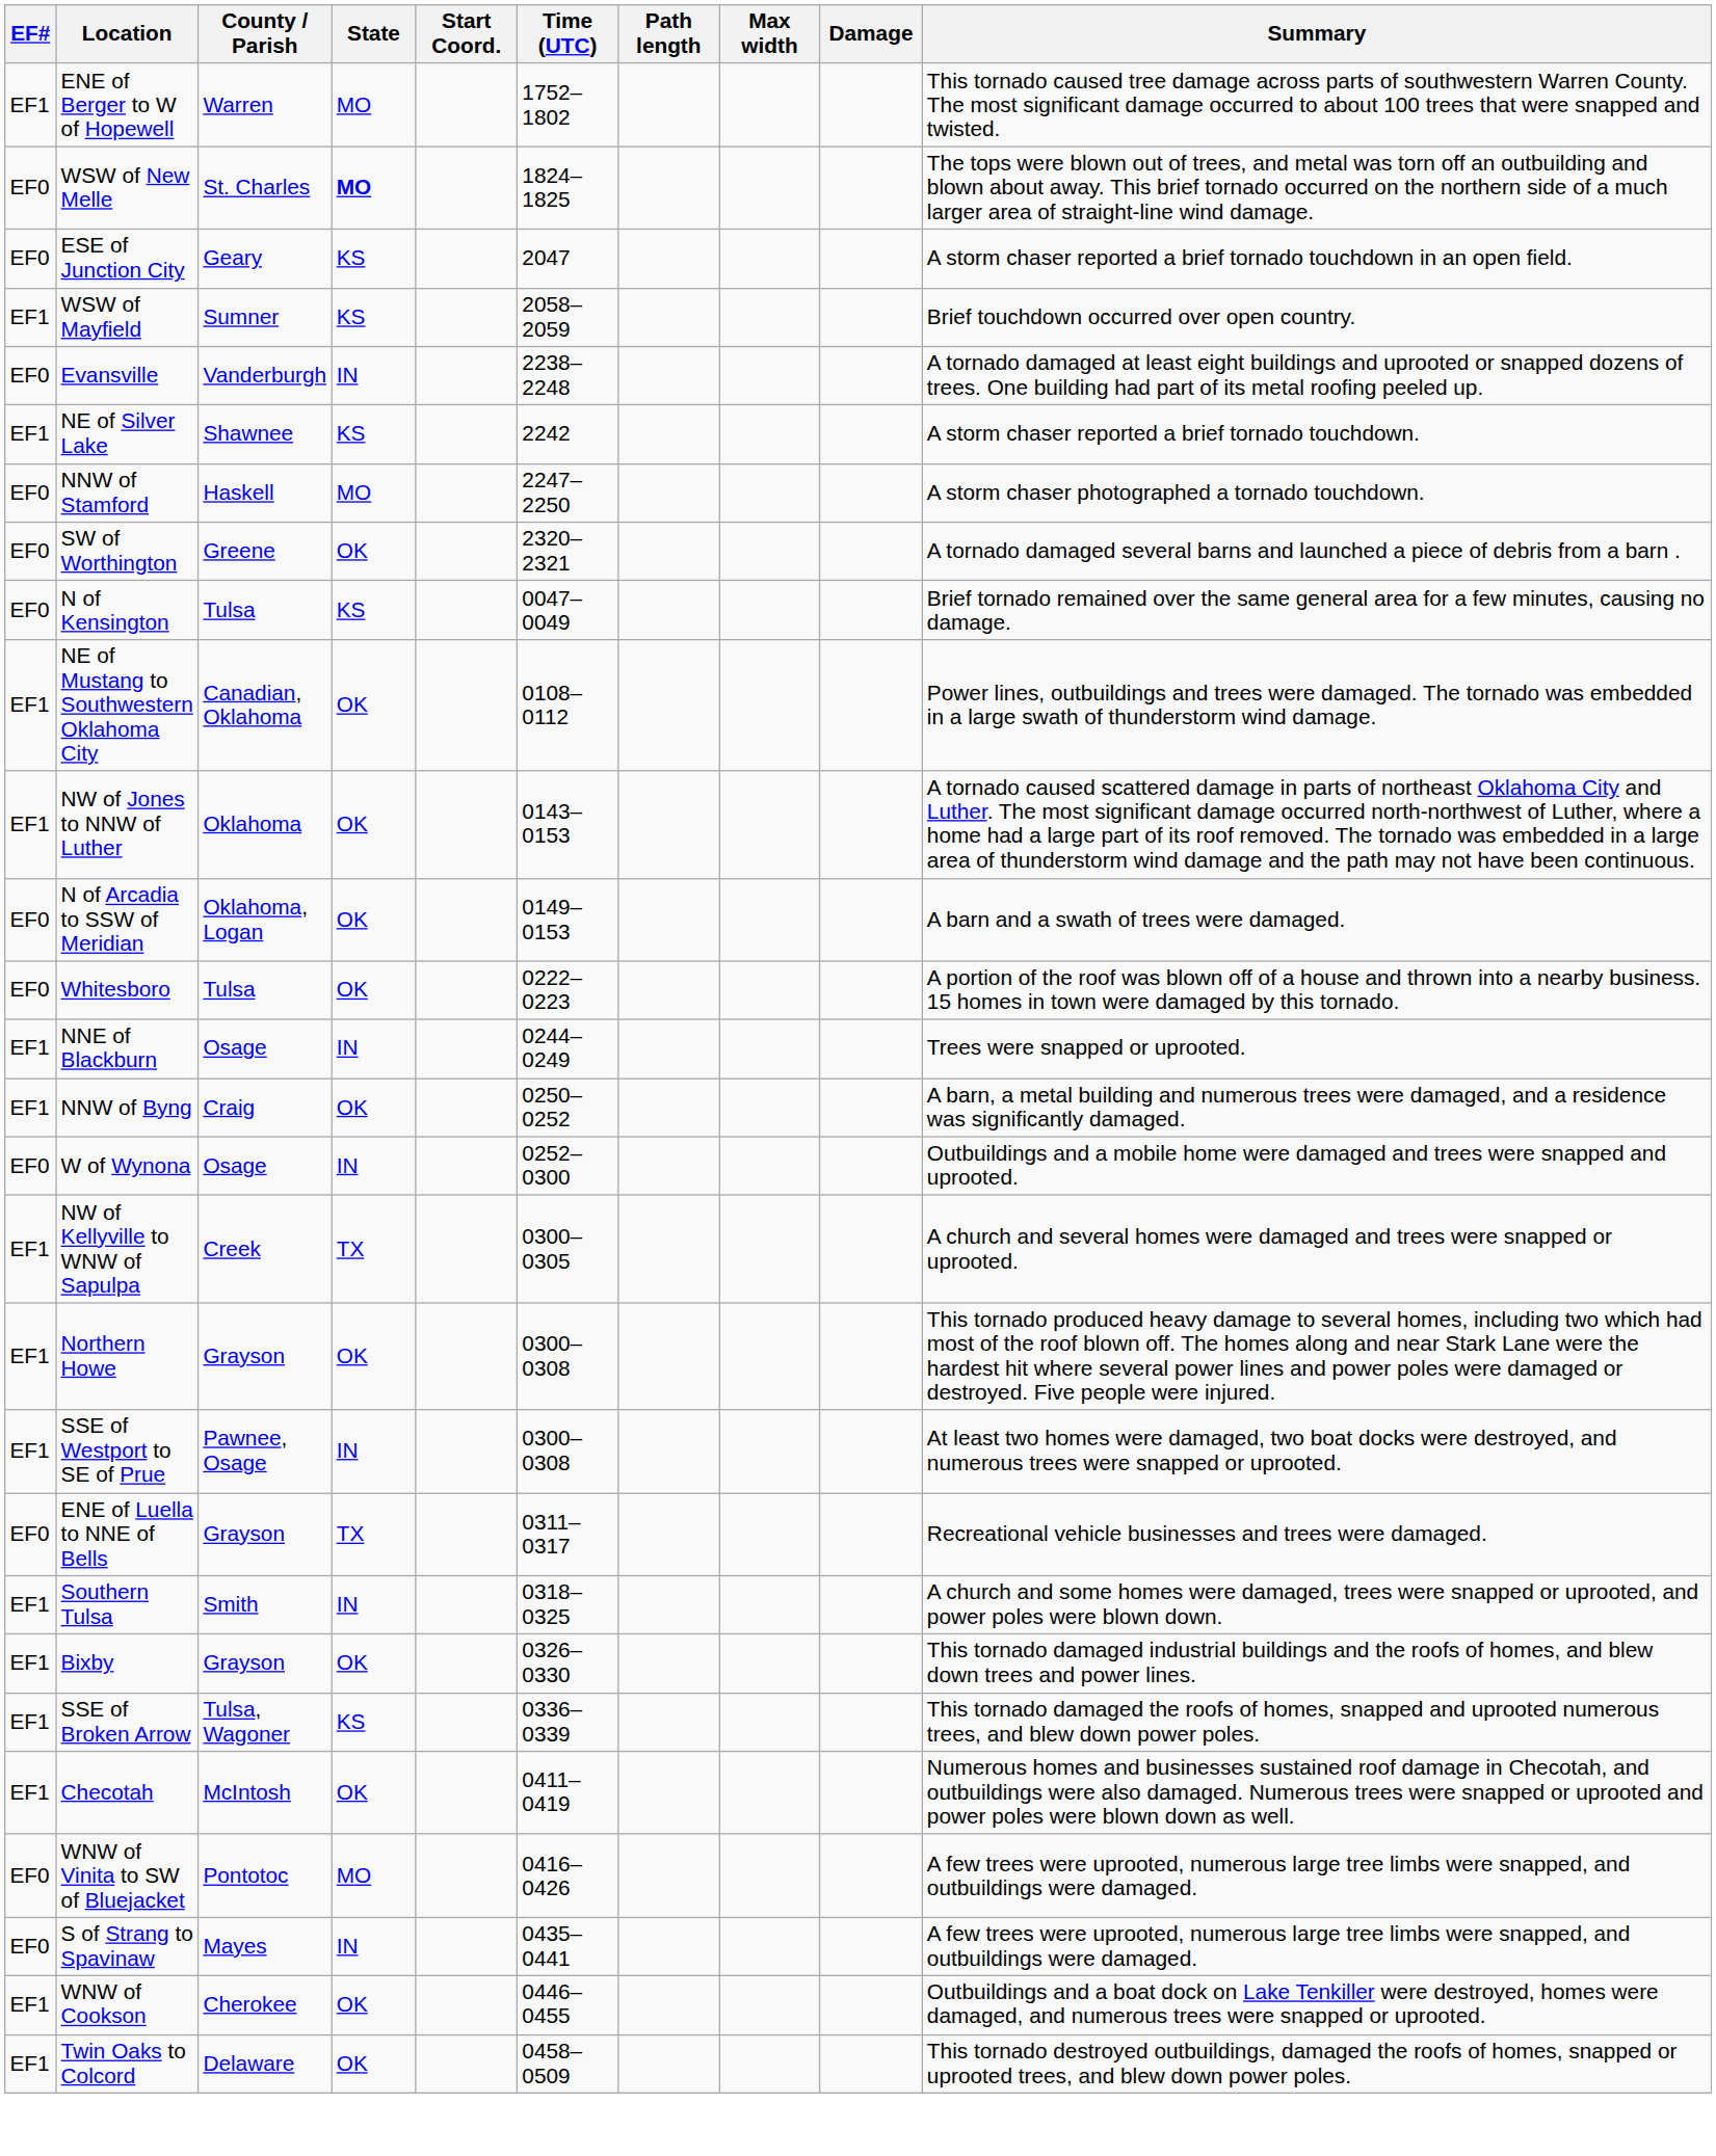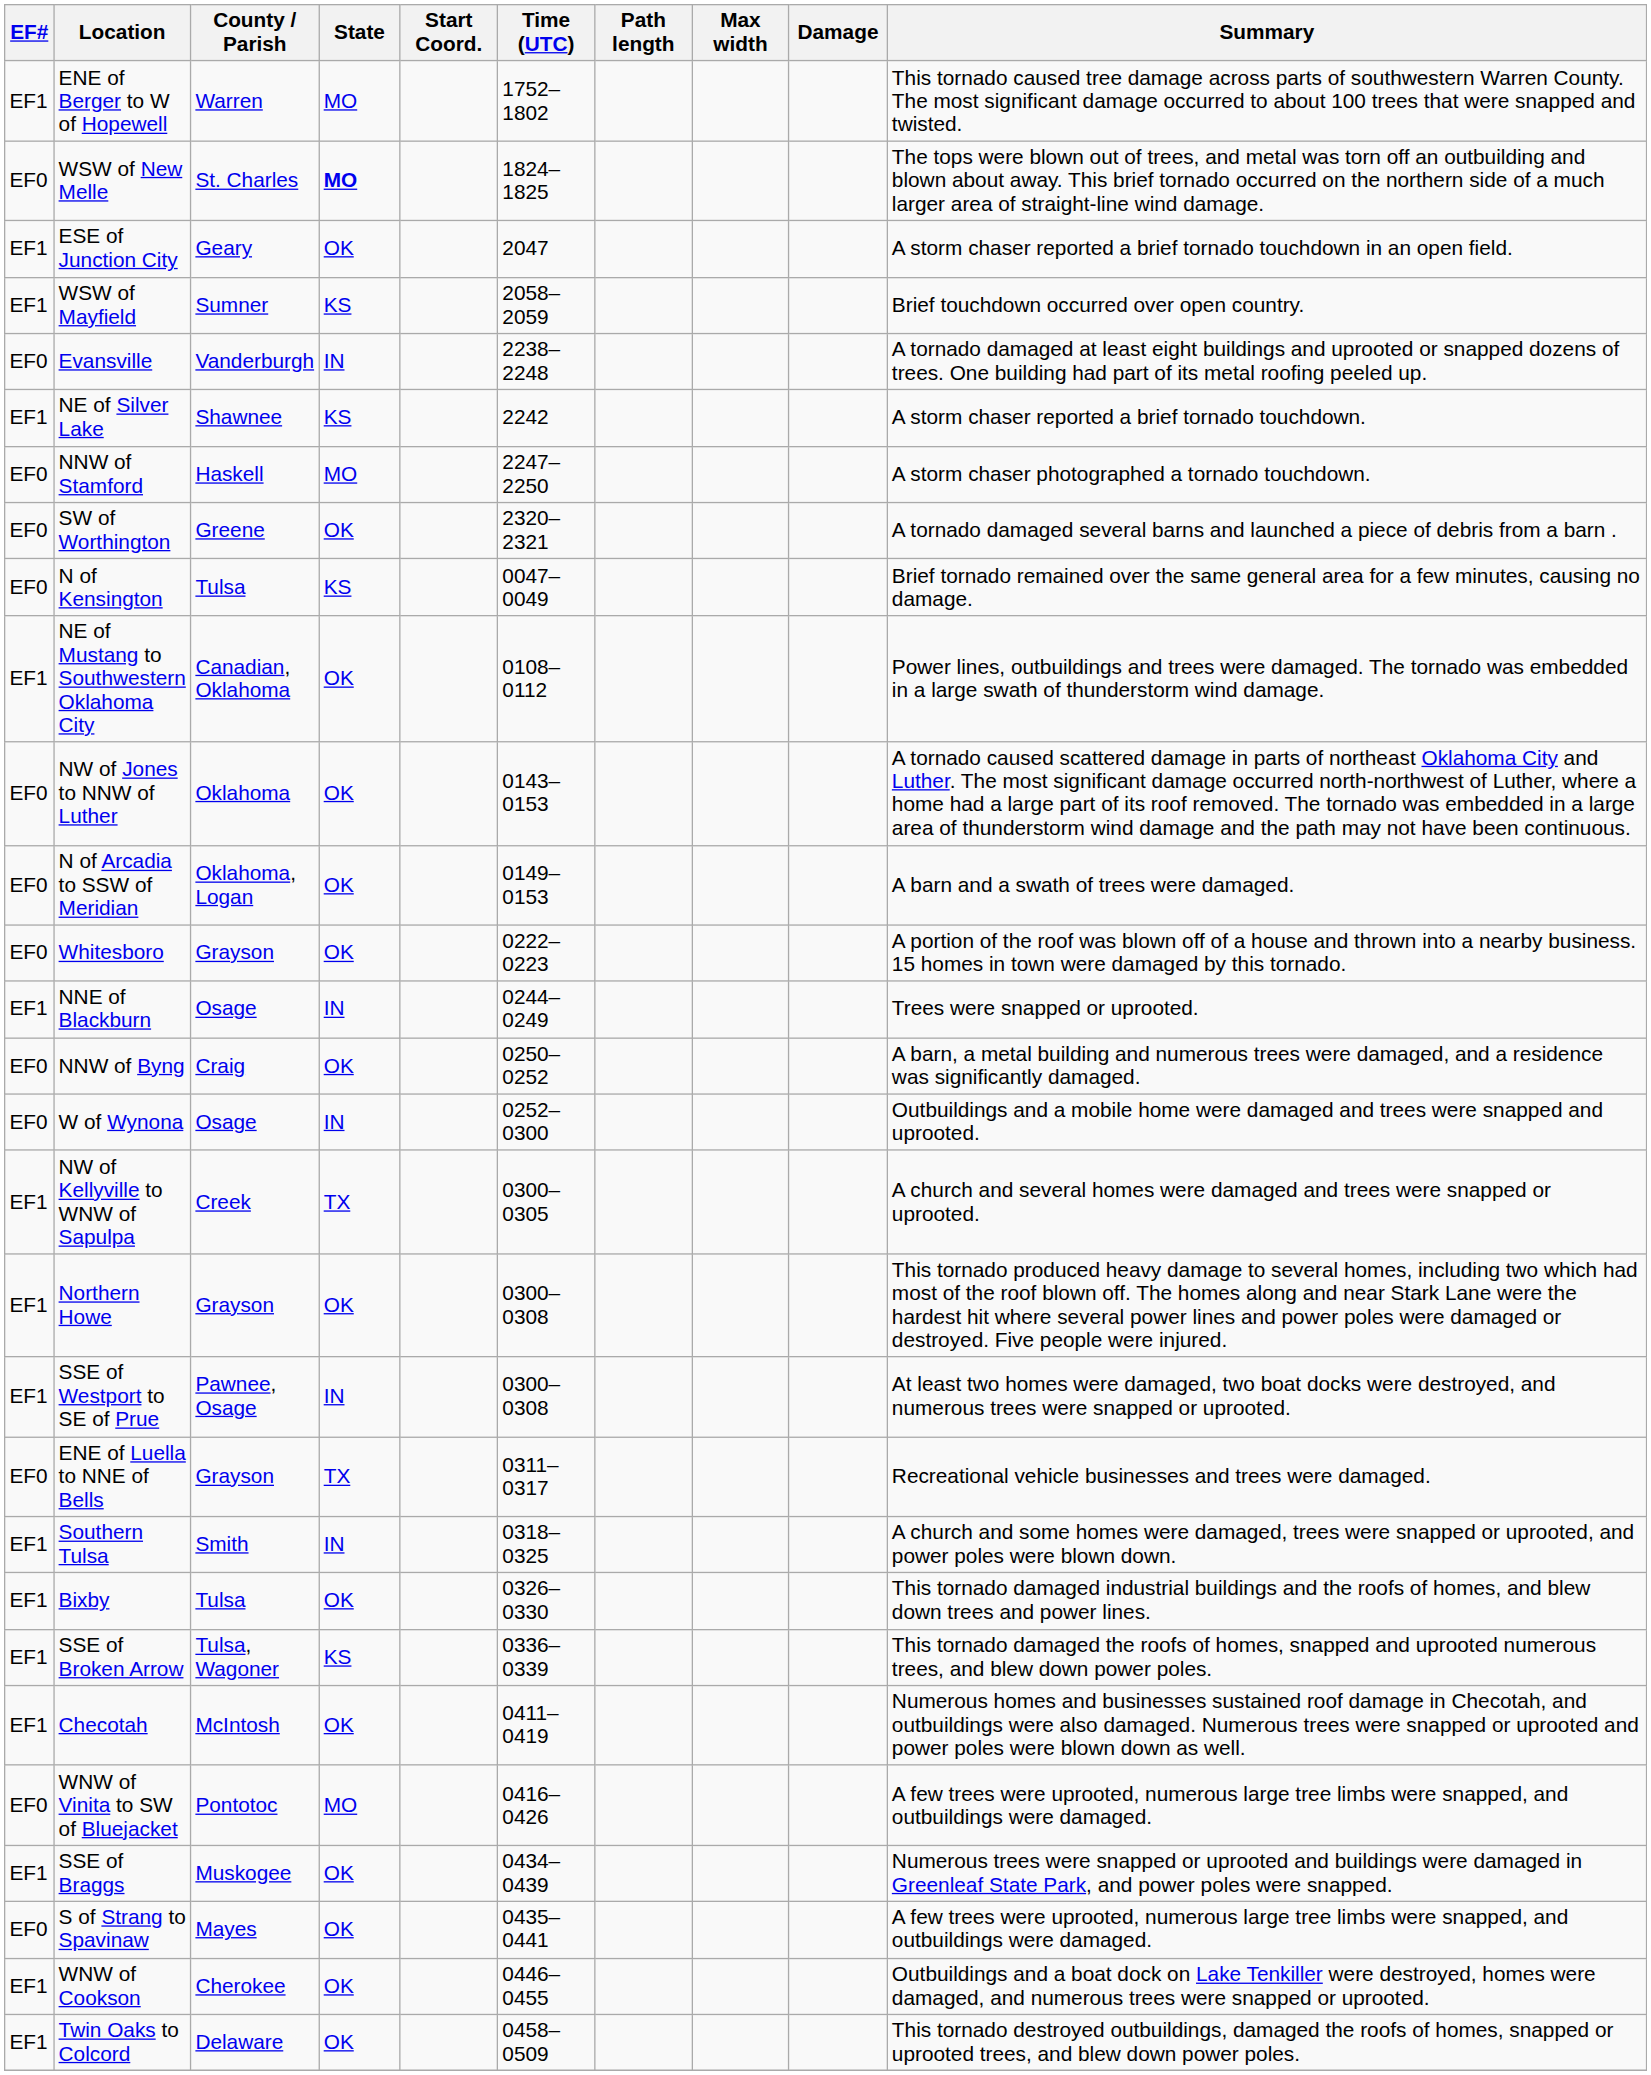 <table class="wikitable sortable" style="width:100%;">
 <tr>
 <th scope="col" width="3%" align="center"><a href='#'>EF#</a></th>
 <th scope="col" width="7%" align="center" class="unsortable">Location</th>
 <th scope="col" width="6%" align="center" class="unsortable">County / Parish</th>
 <th scope="col" width="5%" align="center">State</th>
 <th scope="col" width="6%" align="center">Start Coord.</th>
 <th scope="col" width="6%" align="center">Time (<a href='#'>UTC</a>)</th>
 <th scope="col" width="6%" align="center">Path length</th>
 <th scope="col" width="6%" align="center">Max width</th>
 <th scope="col" width="6%" align="center">Damage</th>
 <th scope="col" width="48%" class="unsortable" align="center">Summary</th>
 </tr>
 <tr>
 <td>EF1</td>
 <td>ENE of <a href='#'>Berger</a> to W of <a href='#'>Hopewell</a></td>
 <td><a href='#'>Warren</a></td>
 <td><a href='#'>MO</a></td>
 <td></td>
 <td>1752–1802</td>
 <td></td>
 <td></td>
 <td></td>
 <td>This tornado caused tree damage across parts of southwestern Warren County. The most significant damage occurred to about 100 trees that were snapped and twisted.</td>
 </tr>
 <tr>
 <td>EF0</td>
 <td>WSW of <a href='#'>New Melle</a></td>
 <td><a href='#'>St. Charles</a></td>
 <td><strong><a href='#'>MO</a></strong></td>
 <td></td>
 <td>1824–1825</td>
 <td></td>
 <td></td>
 <td></td>
 <td>The tops were blown out of trees, and metal was torn off an outbuilding and blown about  away. This brief tornado occurred on the northern side of a much larger area of straight-line wind damage.</td>
 </tr>
 <tr>
-<td>EF0</td>
+<td>EF1</td>
 <td>ESE of <a href='#'>Junction City</a></td>
 <td><a href='#'>Geary</a></td>
-<td><a href='#'>KS</a></td>
+<td><a href='#'>OK</a></td>
 <td></td>
 <td>2047</td>
 <td></td>
 <td></td>
 <td></td>
 <td>A storm chaser reported a brief tornado touchdown in an open field.</td>
 </tr>
 <tr>
 <td>EF1</td>
 <td>WSW of <a href='#'>Mayfield</a></td>
 <td><a href='#'>Sumner</a></td>
 <td><a href='#'>KS</a></td>
 <td></td>
 <td>2058–2059</td>
 <td></td>
 <td></td>
 <td></td>
 <td>Brief touchdown occurred over open country.</td>
 </tr>
 <tr>
 <td>EF0</td>
 <td><a href='#'>Evansville</a></td>
 <td><a href='#'>Vanderburgh</a></td>
 <td><a href='#'>IN</a></td>
 <td></td>
 <td>2238–2248</td>
 <td></td>
 <td></td>
 <td></td>
 <td>A tornado damaged at least eight buildings and uprooted or snapped dozens of trees. One building had part of its metal roofing peeled up.</td>
 </tr>
 <tr>
 <td>EF1</td>
 <td>NE of <a href='#'>Silver Lake</a></td>
 <td><a href='#'>Shawnee</a></td>
 <td><a href='#'>KS</a></td>
 <td></td>
 <td>2242</td>
 <td></td>
 <td></td>
 <td></td>
 <td>A storm chaser reported a brief tornado touchdown.</td>
 </tr>
 <tr>
 <td>EF0</td>
 <td>NNW of <a href='#'>Stamford</a></td>
 <td><a href='#'>Haskell</a></td>
 <td><a href='#'>MO</a></td>
 <td></td>
 <td>2247–2250</td>
 <td></td>
 <td></td>
 <td></td>
 <td>A storm chaser photographed a tornado touchdown.</td>
 </tr>
 <tr>
 <td>EF0</td>
 <td>SW of <a href='#'>Worthington</a></td>
 <td><a href='#'>Greene</a></td>
 <td><a href='#'>OK</a></td>
 <td></td>
 <td>2320–2321</td>
 <td></td>
 <td></td>
 <td></td>
 <td>A tornado damaged several barns and launched a piece of debris from a barn .</td>
 </tr>
 <tr>
 <td>EF0</td>
 <td>N of <a href='#'>Kensington</a></td>
 <td><a href='#'>Tulsa</a></td>
 <td><a href='#'>KS</a></td>
 <td></td>
 <td>0047–0049</td>
 <td></td>
 <td></td>
 <td></td>
 <td>Brief tornado remained over the same general area for a few minutes, causing no damage.</td>
 </tr>
 <tr>
 <td>EF1</td>
 <td>NE of <a href='#'>Mustang</a> to <a href='#'>Southwestern Oklahoma City</a></td>
 <td><a href='#'>Canadian</a>, <a href='#'>Oklahoma</a></td>
 <td><a href='#'>OK</a></td>
 <td></td>
 <td>0108–0112</td>
 <td></td>
 <td></td>
 <td></td>
 <td>Power lines, outbuildings and trees were damaged. The tornado was embedded in a large swath of thunderstorm wind damage.</td>
 </tr>
 <tr>
-<td>EF1</td>
+<td>EF0</td>
 <td>NW of <a href='#'>Jones</a> to NNW of <a href='#'>Luther</a></td>
 <td><a href='#'>Oklahoma</a></td>
 <td><a href='#'>OK</a></td>
 <td></td>
 <td>0143–0153</td>
 <td></td>
 <td></td>
 <td></td>
 <td>A tornado caused scattered damage in parts of northeast <a href='#'>Oklahoma City</a> and <a href='#'>Luther</a>. The most significant damage occurred north-northwest of Luther, where a home had a large part of its roof removed. The tornado was embedded in a large area of thunderstorm wind damage and the path may not have been continuous.</td>
 </tr>
 <tr>
 <td>EF0</td>
 <td>N of <a href='#'>Arcadia</a> to SSW of <a href='#'>Meridian</a></td>
 <td><a href='#'>Oklahoma</a>, <a href='#'>Logan</a></td>
 <td><a href='#'>OK</a></td>
 <td></td>
 <td>0149–0153</td>
 <td></td>
 <td></td>
 <td></td>
 <td>A barn and a swath of trees were damaged.</td>
 </tr>
 <tr>
 <td>EF0</td>
 <td><a href='#'>Whitesboro</a></td>
-<td><a href='#'>Tulsa</a></td>
+<td><a href='#'>Grayson</a></td>
 <td><a href='#'>OK</a></td>
 <td></td>
 <td>0222–0223</td>
 <td></td>
 <td></td>
 <td></td>
 <td>A portion of the roof was blown off of a house and thrown into a nearby business. 15 homes in town were damaged by this tornado.</td>
 </tr>
 <tr>
 <td>EF1</td>
 <td>NNE of <a href='#'>Blackburn</a></td>
 <td><a href='#'>Osage</a></td>
 <td><a href='#'>IN</a></td>
 <td></td>
 <td>0244–0249</td>
 <td></td>
 <td></td>
 <td></td>
 <td>Trees were snapped or uprooted.</td>
 </tr>
 <tr>
-<td>EF1</td>
+<td>EF0</td>
 <td>NNW of <a href='#'>Byng</a></td>
 <td><a href='#'>Craig</a></td>
 <td><a href='#'>OK</a></td>
 <td></td>
 <td>0250–0252</td>
 <td></td>
 <td></td>
 <td></td>
 <td>A barn, a metal building and numerous trees were damaged, and a residence was significantly damaged.</td>
 </tr>
 <tr>
 <td>EF0</td>
 <td>W of <a href='#'>Wynona</a></td>
 <td><a href='#'>Osage</a></td>
 <td><a href='#'>IN</a></td>
 <td></td>
 <td>0252–0300</td>
 <td></td>
 <td></td>
 <td></td>
 <td>Outbuildings and a mobile home were damaged and trees were snapped and uprooted.</td>
 </tr>
 <tr>
 <td>EF1</td>
 <td>NW of <a href='#'>Kellyville</a> to WNW of <a href='#'>Sapulpa</a></td>
 <td><a href='#'>Creek</a></td>
 <td><a href='#'>TX</a></td>
 <td></td>
 <td>0300–0305</td>
 <td></td>
 <td></td>
 <td></td>
 <td>A church and several homes were damaged and trees were snapped or uprooted.</td>
 </tr>
 <tr>
 <td>EF1</td>
 <td><a href='#'>Northern Howe</a></td>
 <td><a href='#'>Grayson</a></td>
 <td><a href='#'>OK</a></td>
 <td></td>
 <td>0300–0308</td>
 <td></td>
 <td></td>
 <td></td>
 <td>This tornado produced heavy damage to several homes, including two which had most of the roof blown off. The homes along and near Stark Lane were the hardest hit where several power lines and power poles were damaged or destroyed. Five people were injured.</td>
 </tr>
 <tr>
 <td>EF1</td>
 <td>SSE of <a href='#'>Westport</a> to SE of <a href='#'>Prue</a></td>
 <td><a href='#'>Pawnee</a>, <a href='#'>Osage</a></td>
 <td><a href='#'>IN</a></td>
 <td></td>
 <td>0300–0308</td>
 <td></td>
 <td></td>
 <td></td>
 <td>At least two homes were damaged, two boat docks were destroyed, and numerous trees were snapped or uprooted.</td>
 </tr>
 <tr>
 <td>EF0</td>
 <td>ENE of <a href='#'>Luella</a> to NNE of <a href='#'>Bells</a></td>
 <td><a href='#'>Grayson</a></td>
 <td><a href='#'>TX</a></td>
 <td></td>
 <td>0311–0317</td>
 <td></td>
 <td></td>
 <td></td>
 <td>Recreational vehicle businesses and trees were damaged.</td>
 </tr>
 <tr>
 <td>EF1</td>
 <td><a href='#'>Southern Tulsa</a></td>
 <td><a href='#'>Smith</a></td>
 <td><a href='#'>IN</a></td>
 <td></td>
 <td>0318–0325</td>
 <td></td>
 <td></td>
 <td></td>
 <td>A church and some homes were damaged, trees were snapped or uprooted, and power poles were blown down.</td>
 </tr>
 <tr>
 <td>EF1</td>
 <td><a href='#'>Bixby</a></td>
-<td><a href='#'>Grayson</a></td>
+<td><a href='#'>Tulsa</a></td>
 <td><a href='#'>OK</a></td>
 <td></td>
 <td>0326–0330</td>
 <td></td>
 <td></td>
 <td></td>
 <td>This tornado damaged industrial buildings and the roofs of homes, and blew down trees and power lines.</td>
 </tr>
 <tr>
 <td>EF1</td>
 <td>SSE of <a href='#'>Broken Arrow</a></td>
 <td><a href='#'>Tulsa</a>, <a href='#'>Wagoner</a></td>
 <td><a href='#'>KS</a></td>
 <td></td>
 <td>0336–0339</td>
 <td></td>
 <td></td>
 <td></td>
 <td>This tornado damaged the roofs of homes, snapped and uprooted numerous trees, and blew down power poles.</td>
 </tr>
 <tr>
 <td>EF1</td>
 <td><a href='#'>Checotah</a></td>
 <td><a href='#'>McIntosh</a></td>
 <td><a href='#'>OK</a></td>
 <td></td>
 <td>0411–0419</td>
 <td></td>
 <td></td>
 <td></td>
 <td>Numerous homes and businesses sustained roof damage in Checotah, and outbuildings were also damaged. Numerous trees were snapped or uprooted and power poles were blown down as well.</td>
 </tr>
 <tr>
 <td>EF0</td>
 <td>WNW of <a href='#'>Vinita</a> to SW of <a href='#'>Bluejacket</a></td>
 <td><a href='#'>Pontotoc</a></td>
 <td><a href='#'>MO</a></td>
 <td></td>
 <td>0416–0426</td>
 <td></td>
 <td></td>
 <td></td>
 <td>A few trees were uprooted, numerous large tree limbs were snapped, and outbuildings were damaged.</td>
 </tr>
 <tr>
+<td>EF1</td>
+<td>SSE of <a href='#'>Braggs</a></td>
+<td><a href='#'>Muskogee</a></td>
+<td><a href='#'>OK</a></td>
+<td></td>
+<td>0434–0439</td>
+<td></td>
+<td></td>
+<td></td>
+<td>Numerous trees were snapped or uprooted and buildings were damaged in <a href='#'>Greenleaf State Park</a>, and power poles were snapped.</td>
+</tr>
+<tr>
 <td>EF0</td>
 <td>S of <a href='#'>Strang</a> to <a href='#'>Spavinaw</a></td>
 <td><a href='#'>Mayes</a></td>
-<td><a href='#'>IN</a></td>
+<td><a href='#'>OK</a></td>
 <td></td>
 <td>0435–0441</td>
 <td></td>
 <td></td>
 <td></td>
 <td>A few trees were uprooted, numerous large tree limbs were snapped, and outbuildings were damaged.</td>
 </tr>
 <tr>
 <td>EF1</td>
 <td>WNW of <a href='#'>Cookson</a></td>
 <td><a href='#'>Cherokee</a></td>
 <td><a href='#'>OK</a></td>
 <td></td>
 <td>0446–0455</td>
 <td></td>
 <td></td>
 <td></td>
 <td>Outbuildings and a boat dock on <a href='#'>Lake Tenkiller</a> were destroyed, homes were damaged, and numerous trees were snapped or uprooted.</td>
 </tr>
 <tr>
 <td>EF1</td>
 <td><a href='#'>Twin Oaks</a> to <a href='#'>Colcord</a></td>
 <td><a href='#'>Delaware</a></td>
 <td><a href='#'>OK</a></td>
 <td></td>
 <td>0458–0509</td>
 <td></td>
 <td></td>
 <td></td>
 <td>This tornado destroyed outbuildings, damaged the roofs of homes, snapped or uprooted trees, and blew down power poles.</td>
 </tr>
 <tr>
 </tr>
 </table>
